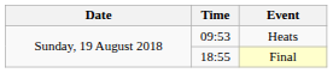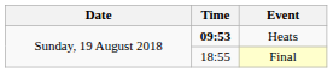 <table class = "wikitable" style="text-align:center;">
 <tr>
 <th width=220>Date</th>
 <th width=50>Time</th>
 <th width=100>Event</th>
 </tr>
 <tr>
 <td rowspan=2>Sunday, 19 August 2018</td>
-<td>09:53</td>
+<td><strong>09:53</strong></td>
 <td>Heats</td>
 </tr>
 <tr>
 <td>18:55</td>
 <td bgcolor=ffffcc>Final</td>
 </tr>
 </table>
